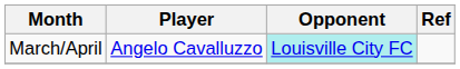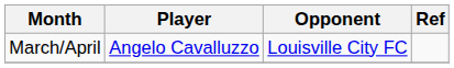 <table class=wikitable>
 <tr>
 <th>Month</th>
 <th>Player</th>
 <th>Opponent</th>
 <th>Ref</th>
 </tr>
 <tr>
 <td align=center>March/April</td>
 <td> <a href='#'>Angelo Cavalluzzo</a></td>
-<td style="background: paleturquoise;"><a href='#'>Louisville City FC</a></td>
+<td><a href='#'>Louisville City FC</a></td>
 <td></td>
 </tr>
 <tr>
 </tr>
 </table>
